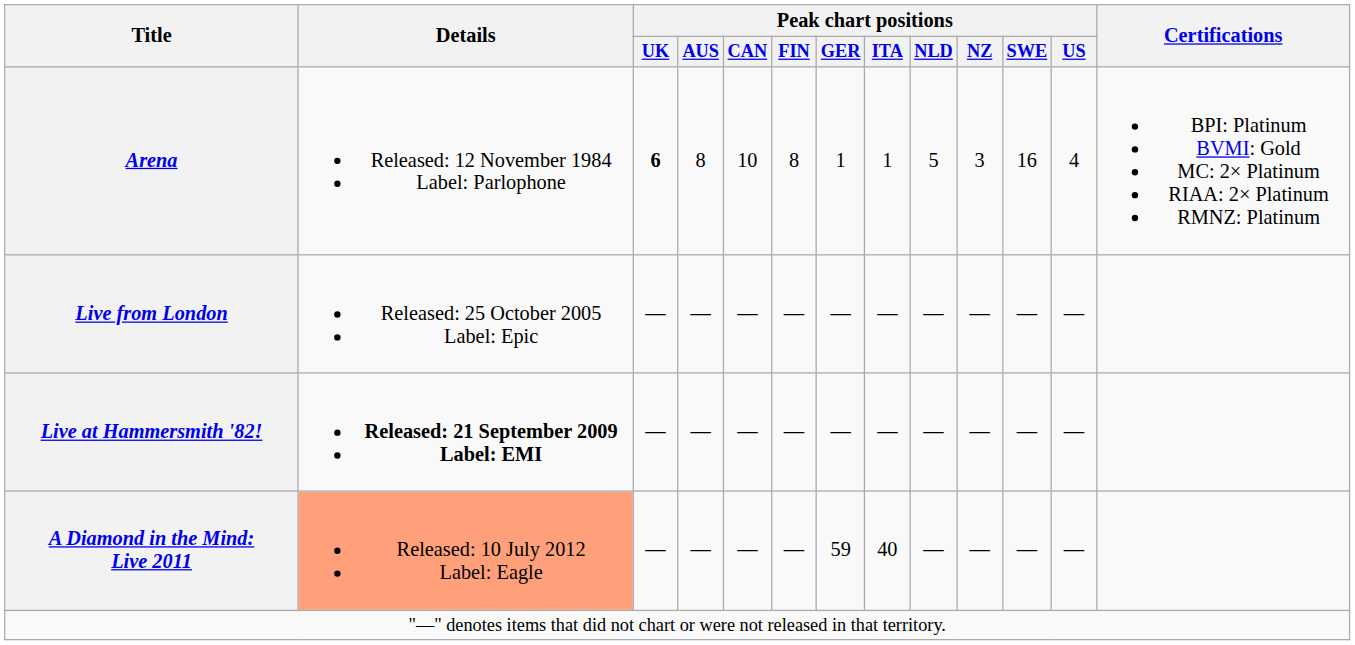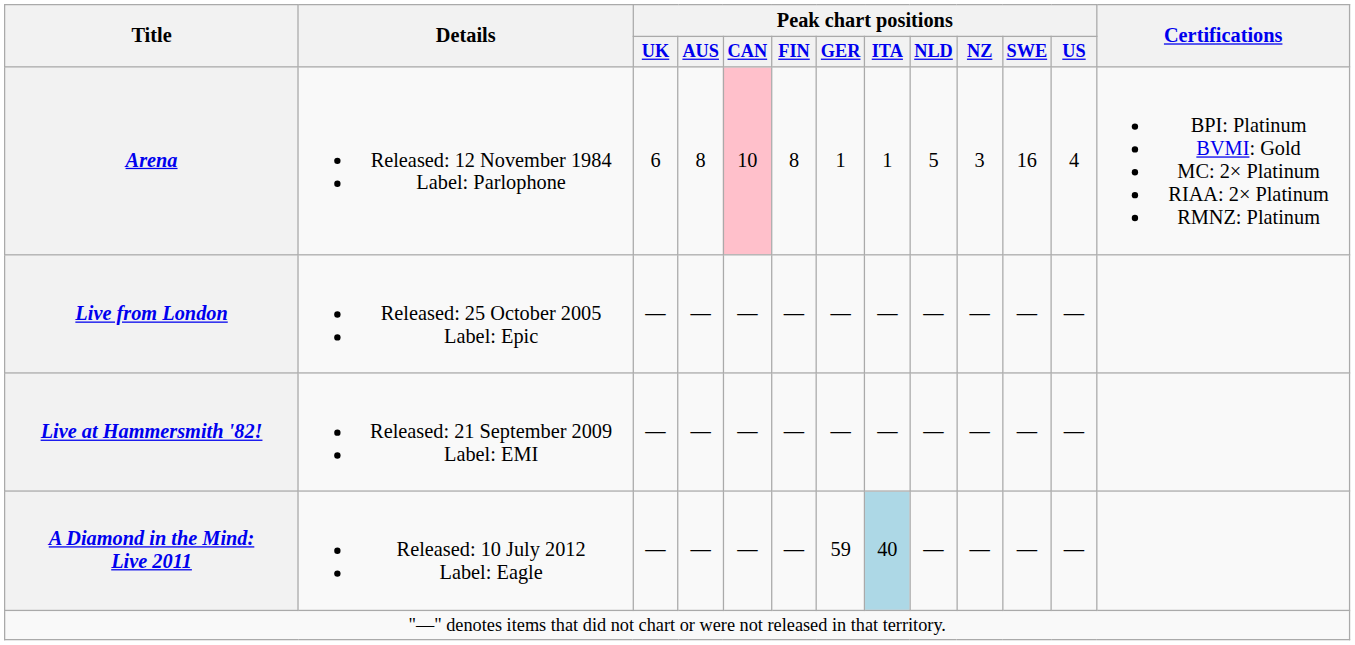 <table class="wikitable plainrowheaders" style="text-align:center;">
 <tr>
 <th scope="col" rowspan="2" style="width:14em;">Title</th>
 <th scope="col" rowspan="2" style="width:16em;">Details</th>
 <th scope="col" colspan="10">Peak chart positions</th>
 <th rowspan="2" style="width:12em;"><a href='#'>Certifications</a></th>
 </tr>
 <tr>
 <th style="width:2em;font-size:90%;"><a href='#'>UK</a><br></th>
 <th style="width:2em;font-size:90%;"><a href='#'>AUS</a><br></th>
 <th style="width:2em;font-size:90%;"><a href='#'>CAN</a><br></th>
 <th style="width:2em;font-size:90%;"><a href='#'>FIN</a><br></th>
 <th style="width:2em;font-size:90%;"><a href='#'>GER</a><br></th>
 <th style="width:2em;font-size:90%;"><a href='#'>ITA</a><br></th>
 <th style="width:2em;font-size:90%;"><a href='#'>NLD</a><br></th>
 <th style="width:2em;font-size:90%;"><a href='#'>NZ</a><br></th>
 <th style="width:2em;font-size:90%;"><a href='#'>SWE</a><br></th>
 <th style="width:2em;font-size:90%;"><a href='#'>US</a><br></th>
 </tr>
 <tr>
 <th scope="row"><em><a href='#'>Arena</a></em></th>
 <td><br><ul><li>Released: 12 November 1984</li><li>Label: Parlophone</li></ul></td>
-<td><strong>6</strong></td>
+<td>6</td>
 <td>8</td>
-<td>10</td>
+<td style="background: pink;">10</td>
 <td>8</td>
 <td>1</td>
 <td>1</td>
 <td>5</td>
 <td>3</td>
 <td>16</td>
 <td>4</td>
 <td><br><ul><li>BPI: Platinum</li><li><a href='#'>BVMI</a>: Gold</li><li>MC: 2× Platinum</li><li>RIAA: 2× Platinum</li><li>RMNZ: Platinum</li></ul></td>
 </tr>
 <tr>
 <th scope="row"><em><a href='#'>Live from London</a></em></th>
 <td><br><ul><li>Released: 25 October 2005</li><li>Label: Epic</li></ul></td>
 <td>—</td>
 <td>—</td>
 <td>—</td>
 <td>—</td>
 <td>—</td>
 <td>—</td>
 <td>—</td>
 <td>—</td>
 <td>—</td>
 <td>—</td>
 <td></td>
 </tr>
 <tr>
 <th scope="row"><em><a href='#'>Live at Hammersmith '82!</a></em></th>
-<td><strong><br><ul><li>Released: 21 September 2009</li><li>Label: EMI</li></ul></strong></td>
+<td><br><ul><li>Released: 21 September 2009</li><li>Label: EMI</li></ul></td>
 <td>—</td>
 <td>—</td>
 <td>—</td>
 <td>—</td>
 <td>—</td>
 <td>—</td>
 <td>—</td>
 <td>—</td>
 <td>—</td>
 <td>—</td>
 <td></td>
 </tr>
 <tr>
 <th scope="row"><em><a href='#'>A Diamond in the Mind:<br>Live 2011</a></em></th>
-<td style="background: lightsalmon;"><br><ul><li>Released: 10 July 2012</li><li>Label: Eagle</li></ul></td>
+<td><br><ul><li>Released: 10 July 2012</li><li>Label: Eagle</li></ul></td>
 <td>—</td>
 <td>—</td>
 <td>—</td>
 <td>—</td>
 <td>59</td>
-<td>40</td>
+<td style="background: lightblue;">40</td>
 <td>—</td>
 <td>—</td>
 <td>—</td>
 <td>—</td>
 <td></td>
 </tr>
 <tr>
 <td colspan="15" style="font-size:90%">"—" denotes items that did not chart or were not released in that territory.</td>
 </tr>
 </table>
